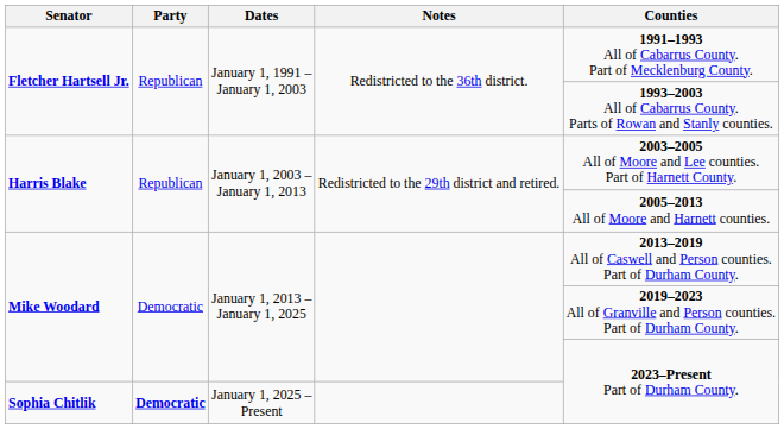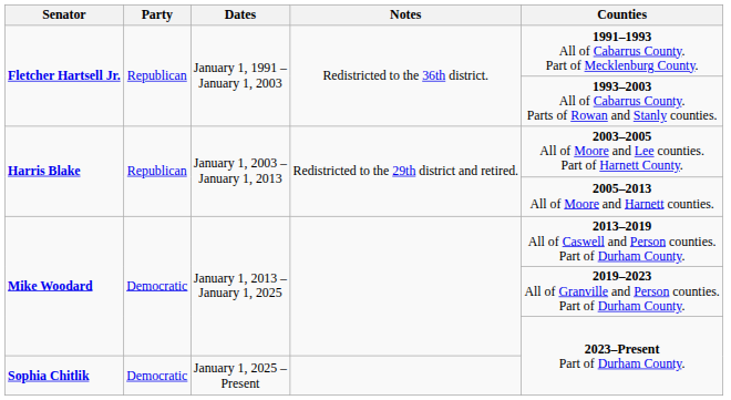 <table class=wikitable style="text-align:center">
 <tr>
 <th>Senator</th>
 <th>Party</th>
 <th>Dates</th>
 <th>Notes</th>
 <th>Counties</th>
 </tr>
 <tr style="height:3em">
 <td rowspan=2 align=left><strong><a href='#'>Fletcher Hartsell Jr.</a></strong></td>
 <td rowspan=2 ><a href='#'>Republican</a></td>
 <td rowspan=2 nowrap>January 1, 1991 – <br> January 1, 2003</td>
 <td rowspan=2>Redistricted to the <a href='#'>36th</a> district.</td>
 <td><strong>1991–1993</strong><br> All of <a href='#'>Cabarrus County</a>. <br> Part of <a href='#'>Mecklenburg County</a>.</td>
 </tr>
 <tr style="height:3em">
 <td><strong>1993–2003</strong><br> All of <a href='#'>Cabarrus County</a>. <br> Parts of <a href='#'>Rowan</a> and <a href='#'>Stanly</a> counties.</td>
 </tr>
 <tr style="height:3em">
 <td rowspan=2 align=left><strong><a href='#'>Harris Blake</a></strong></td>
 <td rowspan=2 ><a href='#'>Republican</a></td>
 <td rowspan=2 nowrap>January 1, 2003 – <br> January 1, 2013</td>
 <td rowspan=2>Redistricted to the <a href='#'>29th</a> district and retired.</td>
 <td><strong>2003–2005</strong><br> All of <a href='#'>Moore</a> and <a href='#'>Lee</a> counties. <br> Part of <a href='#'>Harnett County</a>.</td>
 </tr>
 <tr style="height:3em">
 <td><strong>2005–2013</strong><br> All of <a href='#'>Moore</a> and <a href='#'>Harnett</a> counties.</td>
 </tr>
 <tr style="height:3em">
 <td rowspan=3 align=left><strong><a href='#'>Mike Woodard</a></strong></td>
 <td rowspan=3 ><a href='#'>Democratic</a></td>
 <td rowspan=3 nowrap>January 1, 2013 – <br> January 1, 2025</td>
 <td rowspan=3></td>
 <td><strong>2013–2019</strong><br> All of <a href='#'>Caswell</a> and <a href='#'>Person</a> counties. <br> Part of <a href='#'>Durham County</a>.</td>
 </tr>
 <tr style="height:3em">
 <td><strong>2019–2023</strong><br> All of <a href='#'>Granville</a> and <a href='#'>Person</a> counties. <br> Part of <a href='#'>Durham County</a>.</td>
 </tr>
 <tr style="height:3em">
 <td rowspan=2><strong>2023–Present</strong><br> Part of <a href='#'>Durham County</a>.</td>
 </tr>
 <tr style="height:3em">
 <td align=left><strong><a href='#'>Sophia Chitlik</a></strong></td>
-<td><strong><a href='#'>Democratic</a></strong></td>
+<td><a href='#'>Democratic</a></td>
 <td nowrap>January 1, 2025 – <br> Present</td>
 <td></td>
 </tr>
 </table>
